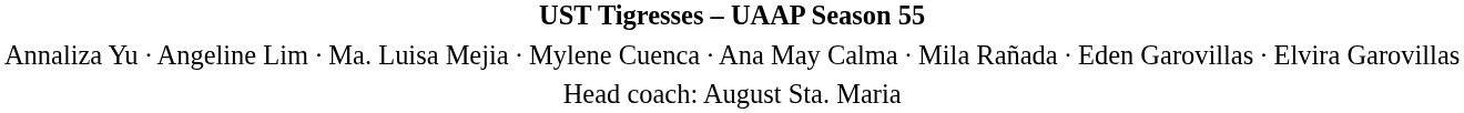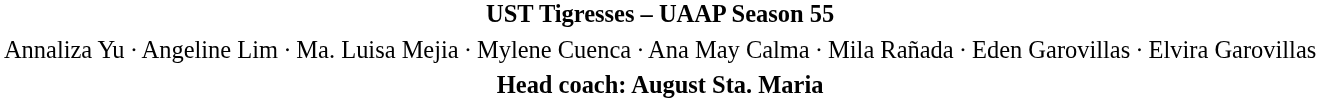 <table class='toccolours mw-collapsible mw-collapsed' width=100% style=font-size:95%>
 <tr>
 <th style=>UST Tigresses – UAAP Season 55</th>
 </tr>
 <tr align=center>
 <td>Annaliza Yu ∙ Angeline Lim ∙ Ma. Luisa Mejia ∙ Mylene Cuenca ∙ Ana May Calma ∙ Mila Rañada ∙ Eden Garovillas ∙ Elvira Garovillas</td>
 </tr>
 <tr align=center>
-<td>Head coach: August Sta. Maria</td>
+<td><strong>Head coach: August Sta. Maria</strong></td>
 </tr>
 </table>
